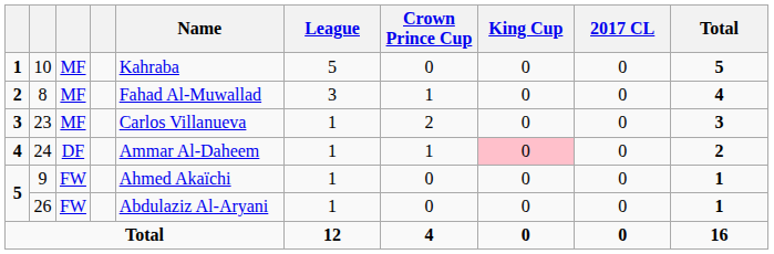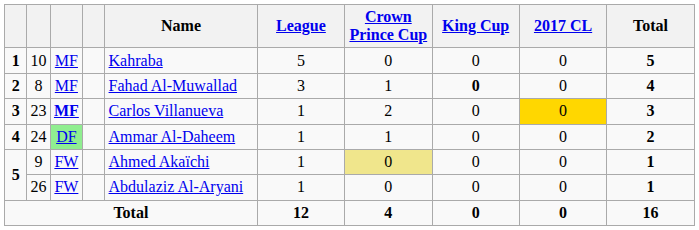 <table class="wikitable" style="text-align:center">
 <tr>
 <th width=15></th>
 <th width=15></th>
 <th width=15></th>
 <th width=15></th>
 <th width=145>Name</th>
 <th width=80><a href='#'>League</a></th>
 <th width=80><a href='#'>Crown Prince Cup</a></th>
 <th width=80><a href='#'>King Cup</a></th>
 <th width=80><a href='#'>2017 CL</a></th>
 <th width=80>Total</th>
 </tr>
 <tr>
 <td><strong>1</strong></td>
 <td>10</td>
 <td><a href='#'>MF</a></td>
 <td></td>
 <td align=left><a href='#'>Kahraba</a></td>
 <td>5</td>
 <td>0</td>
 <td>0</td>
 <td>0</td>
 <td><strong>5</strong></td>
 </tr>
 <tr>
 <td><strong>2</strong></td>
 <td>8</td>
 <td><a href='#'>MF</a></td>
 <td></td>
 <td align=left><a href='#'>Fahad Al-Muwallad</a></td>
 <td>3</td>
 <td>1</td>
-<td>0</td>
+<td><strong>0</strong></td>
 <td>0</td>
 <td><strong>4</strong></td>
 </tr>
 <tr>
 <td><strong>3</strong></td>
 <td>23</td>
-<td><a href='#'>MF</a></td>
+<td><strong><a href='#'>MF</a></strong></td>
 <td></td>
 <td align=left><a href='#'>Carlos Villanueva</a></td>
 <td>1</td>
 <td>2</td>
 <td>0</td>
-<td>0</td>
+<td style="background: gold;">0</td>
 <td><strong>3</strong></td>
 </tr>
 <tr>
 <td><strong>4</strong></td>
 <td>24</td>
-<td><a href='#'>DF</a></td>
+<td style="background: lightgreen;"><a href='#'>DF</a></td>
 <td></td>
 <td align=left><a href='#'>Ammar Al-Daheem</a></td>
 <td>1</td>
 <td>1</td>
-<td style="background: pink;">0</td>
+<td>0</td>
 <td>0</td>
 <td><strong>2</strong></td>
 </tr>
 <tr>
 <td rowspan=2><strong>5</strong></td>
 <td>9</td>
 <td><a href='#'>FW</a></td>
 <td></td>
 <td align=left><a href='#'>Ahmed Akaïchi</a></td>
 <td>1</td>
-<td>0</td>
+<td style="background: khaki;">0</td>
 <td>0</td>
 <td>0</td>
 <td><strong>1</strong></td>
 </tr>
 <tr>
 <td>26</td>
 <td><a href='#'>FW</a></td>
 <td></td>
 <td align=left><a href='#'>Abdulaziz Al-Aryani</a></td>
 <td>1</td>
 <td>0</td>
 <td>0</td>
 <td>0</td>
 <td><strong>1</strong></td>
 </tr>
 <tr>
 <td colspan=5><strong>Total</strong></td>
 <td><strong>12</strong></td>
 <td><strong>4</strong></td>
 <td><strong>0</strong></td>
 <td><strong>0</strong></td>
 <td><strong>16</strong></td>
 </tr>
 </table>
